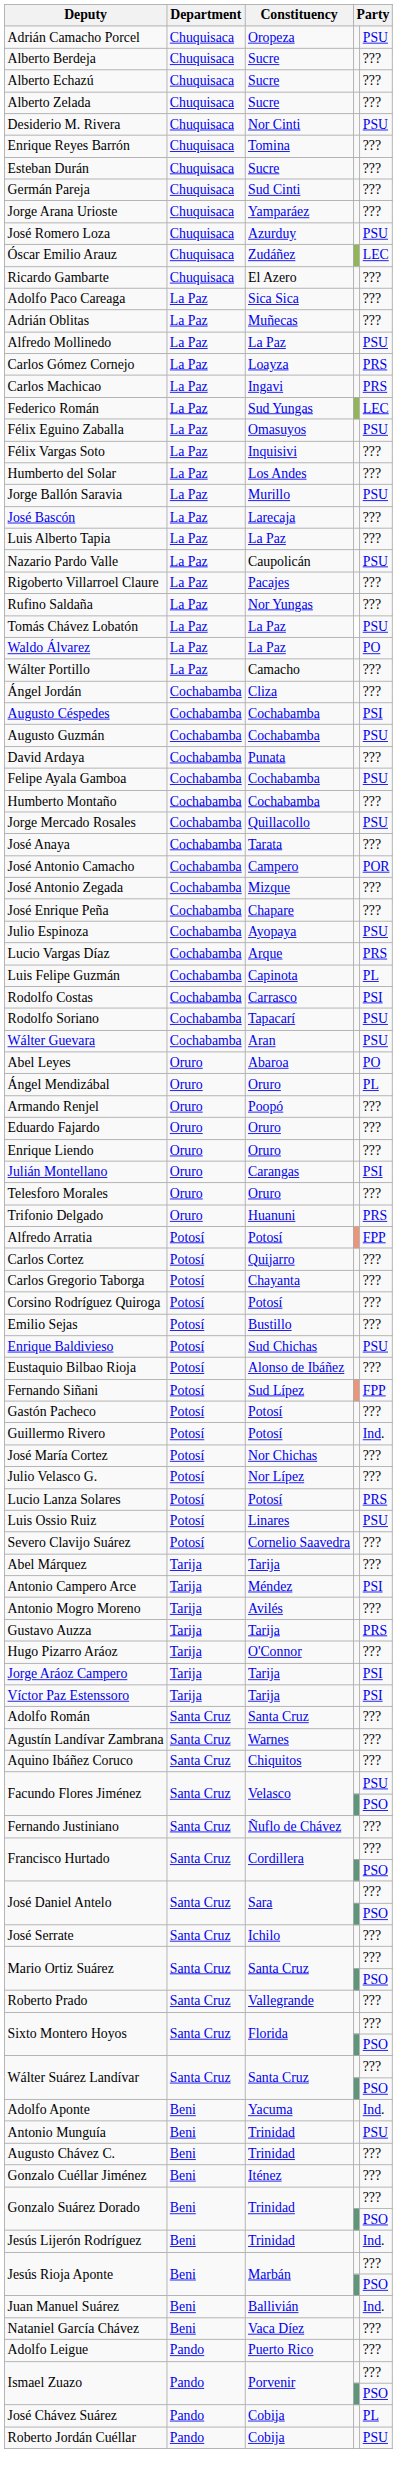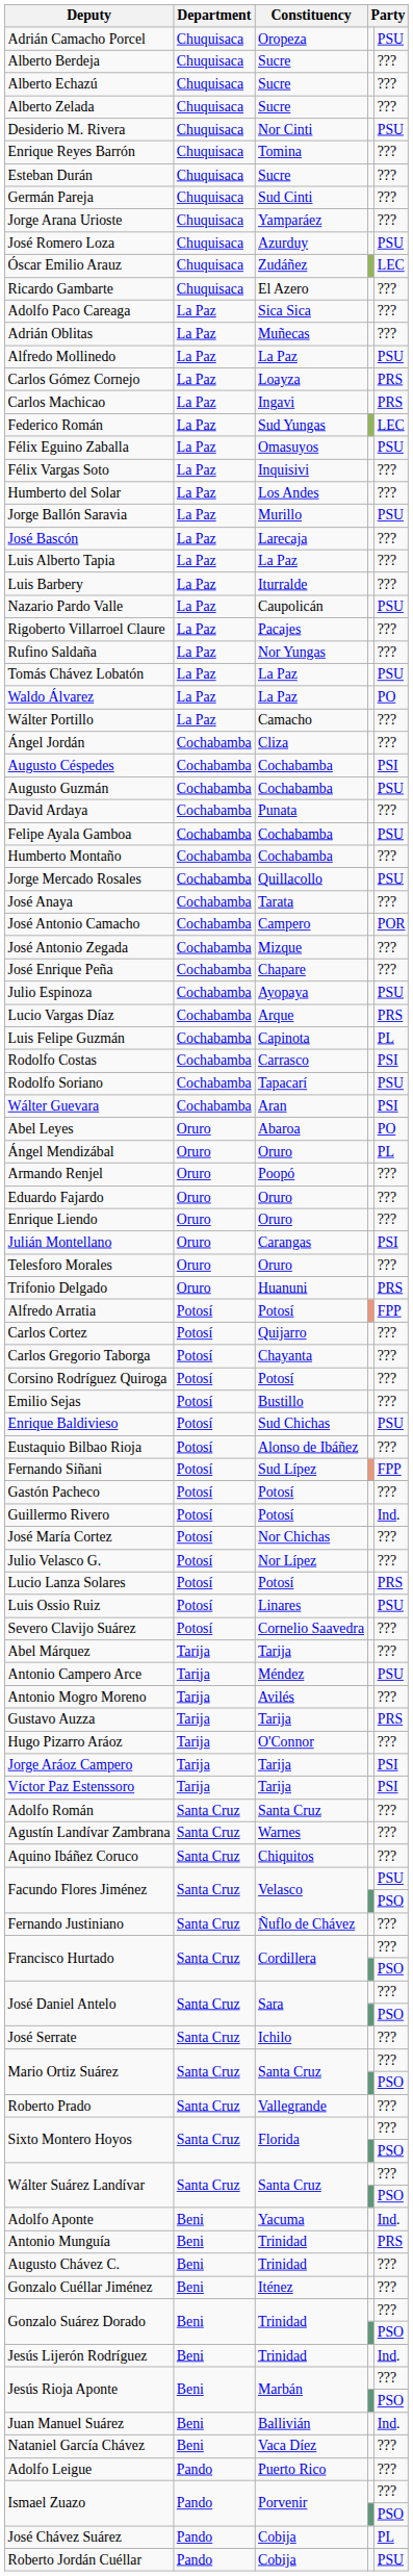 <table class="wikitable sortable">
 <tr>
 <th>Deputy</th>
 <th>Department</th>
 <th>Constituency</th>
 <th colspan="2">Party</th>
 </tr>
 <tr>
 <td>Adrián Camacho Porcel</td>
 <td><a href='#'>Chuquisaca</a></td>
 <td><a href='#'>Oropeza</a></td>
 <td style="background:"></td>
 <td><a href='#'>PSU</a></td>
 </tr>
 <tr>
 <td>Alberto Berdeja</td>
 <td><a href='#'>Chuquisaca</a></td>
 <td><a href='#'>Sucre</a></td>
 <td style="background:"></td>
 <td>???</td>
 </tr>
 <tr>
 <td>Alberto Echazú</td>
 <td><a href='#'>Chuquisaca</a></td>
 <td><a href='#'>Sucre</a></td>
 <td style="background:"></td>
 <td>???</td>
 </tr>
 <tr>
 <td>Alberto Zelada</td>
 <td><a href='#'>Chuquisaca</a></td>
 <td><a href='#'>Sucre</a></td>
 <td style="background:"></td>
 <td>???</td>
 </tr>
 <tr>
 <td>Desiderio M. Rivera</td>
 <td><a href='#'>Chuquisaca</a></td>
 <td><a href='#'>Nor Cinti</a></td>
 <td style="background:"></td>
 <td><a href='#'>PSU</a></td>
 </tr>
 <tr>
 <td>Enrique Reyes Barrón</td>
 <td><a href='#'>Chuquisaca</a></td>
 <td><a href='#'>Tomina</a></td>
 <td style="background:"></td>
 <td>???</td>
 </tr>
 <tr>
 <td>Esteban Durán</td>
 <td><a href='#'>Chuquisaca</a></td>
 <td><a href='#'>Sucre</a></td>
 <td style="background:"></td>
 <td>???</td>
 </tr>
 <tr>
 <td>Germán Pareja</td>
 <td><a href='#'>Chuquisaca</a></td>
 <td><a href='#'>Sud Cinti</a></td>
 <td style="background:"></td>
 <td>???</td>
 </tr>
 <tr>
 <td>Jorge Arana Urioste</td>
 <td><a href='#'>Chuquisaca</a></td>
 <td><a href='#'>Yamparáez</a></td>
 <td style="background:"></td>
 <td>???</td>
 </tr>
 <tr>
 <td>José Romero Loza</td>
 <td><a href='#'>Chuquisaca</a></td>
 <td><a href='#'>Azurduy</a></td>
 <td style="background:"></td>
 <td><a href='#'>PSU</a></td>
 </tr>
 <tr>
 <td>Óscar Emilio Arauz</td>
 <td><a href='#'>Chuquisaca</a></td>
 <td><a href='#'>Zudáñez</a></td>
 <td style="background:#92B558"></td>
 <td><a href='#'>LEC</a></td>
 </tr>
 <tr>
 <td>Ricardo Gambarte</td>
 <td><a href='#'>Chuquisaca</a></td>
 <td>El Azero</td>
 <td style="background:"></td>
 <td>???</td>
 </tr>
 <tr>
 <td>Adolfo Paco Careaga</td>
 <td><a href='#'>La Paz</a></td>
 <td><a href='#'>Sica Sica</a></td>
 <td style="background:"></td>
 <td>???</td>
 </tr>
 <tr>
 <td>Adrián Oblitas</td>
 <td><a href='#'>La Paz</a></td>
 <td><a href='#'>Muñecas</a></td>
 <td style="background:"></td>
 <td>???</td>
 </tr>
 <tr>
 <td>Alfredo Mollinedo</td>
 <td><a href='#'>La Paz</a></td>
 <td><a href='#'>La Paz</a></td>
 <td style="background:"></td>
 <td><a href='#'>PSU</a></td>
 </tr>
 <tr>
 <td>Carlos Gómez Cornejo</td>
 <td><a href='#'>La Paz</a></td>
 <td><a href='#'>Loayza</a></td>
 <td style="background:"></td>
 <td><a href='#'>PRS</a></td>
 </tr>
 <tr>
 <td>Carlos Machicao</td>
 <td><a href='#'>La Paz</a></td>
 <td><a href='#'>Ingavi</a></td>
 <td style="background:"></td>
 <td><a href='#'>PRS</a></td>
 </tr>
 <tr>
 <td>Federico Román</td>
 <td><a href='#'>La Paz</a></td>
 <td><a href='#'>Sud Yungas</a></td>
 <td style="background:#92B558"></td>
 <td><a href='#'>LEC</a></td>
 </tr>
 <tr>
 <td>Félix Eguino Zaballa</td>
 <td><a href='#'>La Paz</a></td>
 <td><a href='#'>Omasuyos</a></td>
 <td style="background:"></td>
 <td><a href='#'>PSU</a></td>
 </tr>
 <tr>
 <td>Félix Vargas Soto</td>
 <td><a href='#'>La Paz</a></td>
 <td><a href='#'>Inquisivi</a></td>
 <td style="background:"></td>
 <td>???</td>
 </tr>
 <tr>
 <td>Humberto del Solar</td>
 <td><a href='#'>La Paz</a></td>
 <td><a href='#'>Los Andes</a></td>
 <td style="background:"></td>
 <td>???</td>
 </tr>
 <tr>
 <td>Jorge Ballón Saravia</td>
 <td><a href='#'>La Paz</a></td>
 <td><a href='#'>Murillo</a></td>
 <td style="background:"></td>
 <td><a href='#'>PSU</a></td>
 </tr>
 <tr>
 <td><a href='#'>José Bascón</a></td>
 <td><a href='#'>La Paz</a></td>
 <td><a href='#'>Larecaja</a></td>
 <td style="background:"></td>
 <td>???</td>
 </tr>
 <tr>
 <td>Luis Alberto Tapia</td>
 <td><a href='#'>La Paz</a></td>
 <td><a href='#'>La Paz</a></td>
 <td style="background:"></td>
 <td>???</td>
 </tr>
 <tr>
+<td>Luis Barbery</td>
+<td><a href='#'>La Paz</a></td>
+<td><a href='#'>Iturralde</a></td>
+<td style="background:"></td>
+<td>???</td>
+</tr>
+<tr>
 <td>Nazario Pardo Valle</td>
 <td><a href='#'>La Paz</a></td>
 <td>Caupolicán</td>
 <td style="background:"></td>
 <td><a href='#'>PSU</a></td>
 </tr>
 <tr>
 <td>Rigoberto Villarroel Claure</td>
 <td><a href='#'>La Paz</a></td>
 <td><a href='#'>Pacajes</a></td>
 <td style="background:"></td>
 <td>???</td>
 </tr>
 <tr>
 <td>Rufino Saldaña</td>
 <td><a href='#'>La Paz</a></td>
 <td><a href='#'>Nor Yungas</a></td>
 <td style="background:"></td>
 <td>???</td>
 </tr>
 <tr>
 <td>Tomás Chávez Lobatón</td>
 <td><a href='#'>La Paz</a></td>
 <td><a href='#'>La Paz</a></td>
 <td style="background:white"></td>
 <td><a href='#'>PSU</a></td>
 </tr>
 <tr>
 <td><a href='#'>Waldo Álvarez</a></td>
 <td><a href='#'>La Paz</a></td>
 <td><a href='#'>La Paz</a></td>
 <td style="background:"></td>
 <td><a href='#'>PO</a></td>
 </tr>
 <tr>
 <td>Wálter Portillo</td>
 <td><a href='#'>La Paz</a></td>
 <td>Camacho</td>
 <td style="background:"></td>
 <td>???</td>
 </tr>
 <tr>
 <td>Ángel Jordán</td>
 <td><a href='#'>Cochabamba</a></td>
 <td><a href='#'>Cliza</a></td>
 <td style="background:"></td>
 <td>???</td>
 </tr>
 <tr>
 <td><a href='#'>Augusto Céspedes</a></td>
 <td><a href='#'>Cochabamba</a></td>
 <td><a href='#'>Cochabamba</a></td>
 <td style="background:"></td>
 <td><a href='#'>PSI</a></td>
 </tr>
 <tr>
 <td>Augusto Guzmán</td>
 <td><a href='#'>Cochabamba</a></td>
 <td><a href='#'>Cochabamba</a></td>
 <td style="background:"></td>
 <td><a href='#'>PSU</a></td>
 </tr>
 <tr>
 <td>David Ardaya</td>
 <td><a href='#'>Cochabamba</a></td>
 <td><a href='#'>Punata</a></td>
 <td style="background:"></td>
 <td>???</td>
 </tr>
 <tr>
 <td>Felipe Ayala Gamboa</td>
 <td><a href='#'>Cochabamba</a></td>
 <td><a href='#'>Cochabamba</a></td>
 <td style="background:"></td>
 <td><a href='#'>PSU</a></td>
 </tr>
 <tr>
 <td>Humberto Montaño</td>
 <td><a href='#'>Cochabamba</a></td>
 <td><a href='#'>Cochabamba</a></td>
 <td style="background:"></td>
 <td>???</td>
 </tr>
 <tr>
 <td>Jorge Mercado Rosales</td>
 <td><a href='#'>Cochabamba</a></td>
 <td><a href='#'>Quillacollo</a></td>
 <td style="background:"></td>
 <td><a href='#'>PSU</a></td>
 </tr>
 <tr>
 <td>José Anaya</td>
 <td><a href='#'>Cochabamba</a></td>
 <td><a href='#'>Tarata</a></td>
 <td style="background:"></td>
 <td>???</td>
 </tr>
 <tr>
 <td>José Antonio Camacho</td>
 <td><a href='#'>Cochabamba</a></td>
 <td><a href='#'>Campero</a></td>
 <td style="background:"></td>
 <td><a href='#'>POR</a></td>
 </tr>
 <tr>
 <td>José Antonio Zegada</td>
 <td><a href='#'>Cochabamba</a></td>
 <td><a href='#'>Mizque</a></td>
 <td style="background:"></td>
 <td>???</td>
 </tr>
 <tr>
 <td>José Enrique Peña</td>
 <td><a href='#'>Cochabamba</a></td>
 <td><a href='#'>Chapare</a></td>
 <td style="background:"></td>
 <td>???</td>
 </tr>
 <tr>
 <td>Julio Espinoza</td>
 <td><a href='#'>Cochabamba</a></td>
 <td><a href='#'>Ayopaya</a></td>
 <td style="background:"></td>
 <td><a href='#'>PSU</a></td>
 </tr>
 <tr>
 <td>Lucio Vargas Díaz</td>
 <td><a href='#'>Cochabamba</a></td>
 <td><a href='#'>Arque</a></td>
 <td style="background:"></td>
 <td><a href='#'>PRS</a></td>
 </tr>
 <tr>
 <td>Luis Felipe Guzmán</td>
 <td><a href='#'>Cochabamba</a></td>
 <td><a href='#'>Capinota</a></td>
 <td style="background:"></td>
 <td><a href='#'>PL</a></td>
 </tr>
 <tr>
 <td>Rodolfo Costas</td>
 <td><a href='#'>Cochabamba</a></td>
 <td><a href='#'>Carrasco</a></td>
 <td style="background:"></td>
 <td><a href='#'>PSI</a></td>
 </tr>
 <tr>
 <td>Rodolfo Soriano</td>
 <td><a href='#'>Cochabamba</a></td>
 <td><a href='#'>Tapacarí</a></td>
 <td style="background:"></td>
 <td><a href='#'>PSU</a></td>
 </tr>
 <tr>
 <td><a href='#'>Wálter Guevara</a></td>
 <td><a href='#'>Cochabamba</a></td>
 <td><a href='#'>Aran</a></td>
 <td style="background:"></td>
-<td><a href='#'>PSU</a></td>
+<td><a href='#'>PSI</a></td>
 </tr>
 <tr>
 <td>Abel Leyes</td>
 <td><a href='#'>Oruro</a></td>
 <td><a href='#'>Abaroa</a></td>
 <td style="background:"></td>
 <td><a href='#'>PO</a></td>
 </tr>
 <tr>
 <td>Ángel Mendizábal</td>
 <td><a href='#'>Oruro</a></td>
 <td><a href='#'>Oruro</a></td>
 <td style="background:"></td>
 <td><a href='#'>PL</a></td>
 </tr>
 <tr>
 <td>Armando Renjel</td>
 <td><a href='#'>Oruro</a></td>
 <td><a href='#'>Poopó</a></td>
 <td style="background:"></td>
 <td>???</td>
 </tr>
 <tr>
 <td>Eduardo Fajardo</td>
 <td><a href='#'>Oruro</a></td>
 <td><a href='#'>Oruro</a></td>
 <td style="background:"></td>
 <td>???</td>
 </tr>
 <tr>
 <td>Enrique Liendo</td>
 <td><a href='#'>Oruro</a></td>
 <td><a href='#'>Oruro</a></td>
 <td style="background:"></td>
 <td>???</td>
 </tr>
 <tr>
 <td><a href='#'>Julián Montellano</a></td>
 <td><a href='#'>Oruro</a></td>
 <td><a href='#'>Carangas</a></td>
 <td style="background:"></td>
 <td><a href='#'>PSI</a></td>
 </tr>
 <tr>
 <td>Telesforo Morales</td>
 <td><a href='#'>Oruro</a></td>
 <td><a href='#'>Oruro</a></td>
 <td style="background:"></td>
 <td>???</td>
 </tr>
 <tr>
 <td>Trifonio Delgado</td>
 <td><a href='#'>Oruro</a></td>
 <td><a href='#'>Huanuni</a></td>
 <td style="background:"></td>
 <td><a href='#'>PRS</a></td>
 </tr>
 <tr>
 <td>Alfredo Arratia</td>
 <td><a href='#'>Potosí</a></td>
 <td><a href='#'>Potosí</a></td>
 <td style="background:darksalmon"></td>
 <td><a href='#'>FPP</a></td>
 </tr>
 <tr>
 <td>Carlos Cortez</td>
 <td><a href='#'>Potosí</a></td>
 <td><a href='#'>Quijarro</a></td>
 <td style="background:"></td>
 <td>???</td>
 </tr>
 <tr>
 <td>Carlos Gregorio Taborga</td>
 <td><a href='#'>Potosí</a></td>
 <td><a href='#'>Chayanta</a></td>
 <td style="background:"></td>
 <td>???</td>
 </tr>
 <tr>
 <td>Corsino Rodríguez Quiroga</td>
 <td><a href='#'>Potosí</a></td>
 <td><a href='#'>Potosí</a></td>
 <td style="background:"></td>
 <td>???</td>
 </tr>
 <tr>
 <td>Emilio Sejas</td>
 <td><a href='#'>Potosí</a></td>
 <td><a href='#'>Bustillo</a></td>
 <td style="background:"></td>
 <td>???</td>
 </tr>
 <tr>
 <td><a href='#'>Enrique Baldivieso</a></td>
 <td><a href='#'>Potosí</a></td>
 <td><a href='#'>Sud Chichas</a></td>
 <td style="background:"></td>
 <td><a href='#'>PSU</a></td>
 </tr>
 <tr>
 <td>Eustaquio Bilbao Rioja</td>
 <td><a href='#'>Potosí</a></td>
 <td><a href='#'>Alonso de Ibáñez</a></td>
 <td style="background:"></td>
 <td>???</td>
 </tr>
 <tr>
 <td>Fernando Siñani</td>
 <td><a href='#'>Potosí</a></td>
 <td><a href='#'>Sud Lípez</a></td>
 <td style="background:darksalmon"></td>
 <td><a href='#'>FPP</a></td>
 </tr>
 <tr>
 <td>Gastón Pacheco</td>
 <td><a href='#'>Potosí</a></td>
 <td><a href='#'>Potosí</a></td>
 <td style="background:"></td>
 <td>???</td>
 </tr>
 <tr>
 <td>Guillermo Rivero</td>
 <td><a href='#'>Potosí</a></td>
 <td><a href='#'>Potosí</a></td>
 <td style="background:"></td>
 <td><a href='#'>Ind</a>.</td>
 </tr>
 <tr>
 <td>José María Cortez</td>
 <td><a href='#'>Potosí</a></td>
 <td><a href='#'>Nor Chichas</a></td>
 <td style="background:"></td>
 <td>???</td>
 </tr>
 <tr>
 <td>Julio Velasco G.</td>
 <td><a href='#'>Potosí</a></td>
 <td><a href='#'>Nor Lípez</a></td>
 <td style="background:"></td>
 <td>???</td>
 </tr>
 <tr>
 <td>Lucio Lanza Solares</td>
 <td><a href='#'>Potosí</a></td>
 <td><a href='#'>Potosí</a></td>
 <td style="background:"></td>
 <td><a href='#'>PRS</a></td>
 </tr>
 <tr>
 <td>Luis Ossio Ruiz</td>
 <td><a href='#'>Potosí</a></td>
 <td><a href='#'>Linares</a></td>
 <td style="background:"></td>
 <td><a href='#'>PSU</a></td>
 </tr>
 <tr>
 <td>Severo Clavijo Suárez</td>
 <td><a href='#'>Potosí</a></td>
 <td><a href='#'>Cornelio Saavedra</a></td>
 <td style="background:"></td>
 <td>???</td>
 </tr>
 <tr>
 <td>Abel Márquez</td>
 <td><a href='#'>Tarija</a></td>
 <td><a href='#'>Tarija</a></td>
 <td style="background:"></td>
 <td>???</td>
 </tr>
 <tr>
 <td>Antonio Campero Arce</td>
 <td><a href='#'>Tarija</a></td>
 <td><a href='#'>Méndez</a></td>
 <td style="background:"></td>
-<td><a href='#'>PSI</a></td>
+<td><a href='#'>PSU</a></td>
 </tr>
 <tr>
 <td>Antonio Mogro Moreno</td>
 <td><a href='#'>Tarija</a></td>
 <td><a href='#'>Avilés</a></td>
 <td style="background:"></td>
 <td>???</td>
 </tr>
 <tr>
 <td>Gustavo Auzza</td>
 <td><a href='#'>Tarija</a></td>
 <td><a href='#'>Tarija</a></td>
 <td style="background:"></td>
 <td><a href='#'>PRS</a></td>
 </tr>
 <tr>
 <td>Hugo Pizarro Aráoz</td>
 <td><a href='#'>Tarija</a></td>
 <td><a href='#'>O'Connor</a></td>
 <td style="background:"></td>
 <td>???</td>
 </tr>
 <tr>
 <td><a href='#'>Jorge Aráoz Campero</a></td>
 <td><a href='#'>Tarija</a></td>
 <td><a href='#'>Tarija</a></td>
 <td style="background:"></td>
 <td><a href='#'>PSI</a></td>
 </tr>
 <tr>
 <td><a href='#'>Víctor Paz Estenssoro</a></td>
 <td><a href='#'>Tarija</a></td>
 <td><a href='#'>Tarija</a></td>
 <td style="background:"></td>
 <td><a href='#'>PSI</a></td>
 </tr>
 <tr>
 <td>Adolfo Román</td>
 <td><a href='#'>Santa Cruz</a></td>
 <td><a href='#'>Santa Cruz</a></td>
 <td style="background:"></td>
 <td>???</td>
 </tr>
 <tr>
 <td>Agustín Landívar Zambrana</td>
 <td><a href='#'>Santa Cruz</a></td>
 <td><a href='#'>Warnes</a></td>
 <td style="background:"></td>
 <td>???</td>
 </tr>
 <tr>
 <td>Aquino Ibáñez Coruco</td>
 <td><a href='#'>Santa Cruz</a></td>
 <td><a href='#'>Chiquitos</a></td>
 <td style="background:"></td>
 <td>???</td>
 </tr>
 <tr>
 <td rowspan="2">Facundo Flores Jiménez</td>
 <td rowspan="2"><a href='#'>Santa Cruz</a></td>
 <td rowspan="2"><a href='#'>Velasco</a></td>
 <td style="background:"></td>
 <td><a href='#'>PSU</a></td>
 </tr>
 <tr>
 <td style="background:#5D9678"></td>
 <td><a href='#'>PSO</a></td>
 </tr>
 <tr>
 <td>Fernando Justiniano</td>
 <td><a href='#'>Santa Cruz</a></td>
 <td><a href='#'>Ñuflo de Chávez</a></td>
 <td style="background:"></td>
 <td>???</td>
 </tr>
 <tr>
 <td rowspan="2">Francisco Hurtado</td>
 <td rowspan="2"><a href='#'>Santa Cruz</a></td>
 <td rowspan="2"><a href='#'>Cordillera</a></td>
 <td style="background:"></td>
 <td>???</td>
 </tr>
 <tr>
 <td style="background:#5D9678"></td>
 <td><a href='#'>PSO</a></td>
 </tr>
 <tr>
 <td rowspan="2">José Daniel Antelo</td>
 <td rowspan="2"><a href='#'>Santa Cruz</a></td>
 <td rowspan="2"><a href='#'>Sara</a></td>
 <td style="background:"></td>
 <td>???</td>
 </tr>
 <tr>
 <td style="background:#5D9678"></td>
 <td><a href='#'>PSO</a></td>
 </tr>
 <tr>
 <td>José Serrate</td>
 <td><a href='#'>Santa Cruz</a></td>
 <td><a href='#'>Ichilo</a></td>
 <td style="background:"></td>
 <td>???</td>
 </tr>
 <tr>
 <td rowspan="2">Mario Ortiz Suárez</td>
 <td rowspan="2"><a href='#'>Santa Cruz</a></td>
 <td rowspan="2"><a href='#'>Santa Cruz</a></td>
 <td style="background:"></td>
 <td>???</td>
 </tr>
 <tr>
 <td style="background:#5D9678"></td>
 <td><a href='#'>PSO</a></td>
 </tr>
 <tr>
 <td>Roberto Prado</td>
 <td><a href='#'>Santa Cruz</a></td>
 <td><a href='#'>Vallegrande</a></td>
 <td style="background:"></td>
 <td>???</td>
 </tr>
 <tr>
 <td rowspan="2">Sixto Montero Hoyos</td>
 <td rowspan="2"><a href='#'>Santa Cruz</a></td>
 <td rowspan="2"><a href='#'>Florida</a></td>
 <td style="background:"></td>
 <td>???</td>
 </tr>
 <tr>
 <td style="background:#5D9678"></td>
 <td><a href='#'>PSO</a></td>
 </tr>
 <tr>
 <td rowspan="2">Wálter Suárez Landívar</td>
 <td rowspan="2"><a href='#'>Santa Cruz</a></td>
 <td rowspan="2"><a href='#'>Santa Cruz</a></td>
 <td style="background:"></td>
 <td>???</td>
 </tr>
 <tr>
 <td style="background:#5D9678"></td>
 <td><a href='#'>PSO</a></td>
 </tr>
 <tr>
 <td>Adolfo Aponte</td>
 <td><a href='#'>Beni</a></td>
 <td><a href='#'>Yacuma</a></td>
 <td style="background:"></td>
 <td><a href='#'>Ind</a>.</td>
 </tr>
 <tr>
 <td>Antonio Munguía</td>
 <td><a href='#'>Beni</a></td>
 <td><a href='#'>Trinidad</a></td>
 <td style="background:"></td>
-<td><a href='#'>PSU</a></td>
+<td><a href='#'>PRS</a></td>
 </tr>
 <tr>
 <td>Augusto Chávez C.</td>
 <td><a href='#'>Beni</a></td>
 <td><a href='#'>Trinidad</a></td>
 <td style="background:"></td>
 <td>???</td>
 </tr>
 <tr>
 <td>Gonzalo Cuéllar Jiménez</td>
 <td><a href='#'>Beni</a></td>
 <td><a href='#'>Iténez</a></td>
 <td style="background:"></td>
 <td>???</td>
 </tr>
 <tr>
 <td rowspan="2">Gonzalo Suárez Dorado</td>
 <td rowspan="2"><a href='#'>Beni</a></td>
 <td rowspan="2"><a href='#'>Trinidad</a></td>
 <td style="background:"></td>
 <td>???</td>
 </tr>
 <tr>
 <td style="background:#5D9678"></td>
 <td><a href='#'>PSO</a></td>
 </tr>
 <tr>
 <td>Jesús Lijerón Rodríguez</td>
 <td><a href='#'>Beni</a></td>
 <td><a href='#'>Trinidad</a></td>
 <td style="background:"></td>
 <td><a href='#'>Ind</a>.</td>
 </tr>
 <tr>
 <td rowspan="2">Jesús Rioja Aponte</td>
 <td rowspan="2"><a href='#'>Beni</a></td>
 <td rowspan="2"><a href='#'>Marbán</a></td>
 <td style="background:"></td>
 <td>???</td>
 </tr>
 <tr>
 <td style="background:#5D9678"></td>
 <td><a href='#'>PSO</a></td>
 </tr>
 <tr>
 <td>Juan Manuel Suárez</td>
 <td><a href='#'>Beni</a></td>
 <td><a href='#'>Ballivián</a></td>
 <td style="background:"></td>
 <td><a href='#'>Ind</a>.</td>
 </tr>
 <tr>
 <td>Nataniel García Chávez</td>
 <td><a href='#'>Beni</a></td>
 <td><a href='#'>Vaca Díez</a></td>
 <td style="background:"></td>
 <td>???</td>
 </tr>
 <tr>
 <td>Adolfo Leigue</td>
 <td><a href='#'>Pando</a></td>
 <td><a href='#'>Puerto Rico</a></td>
 <td style="background:"></td>
 <td>???</td>
 </tr>
 <tr>
 <td rowspan="2">Ismael Zuazo</td>
 <td rowspan="2"><a href='#'>Pando</a></td>
 <td rowspan="2"><a href='#'>Porvenir</a></td>
 <td style="background:"></td>
 <td>???</td>
 </tr>
 <tr>
 <td style="background:#5D9678"></td>
 <td><a href='#'>PSO</a></td>
 </tr>
 <tr>
 <td>José Chávez Suárez</td>
 <td><a href='#'>Pando</a></td>
 <td><a href='#'>Cobija</a></td>
 <td style="background:"></td>
 <td><a href='#'>PL</a></td>
 </tr>
 <tr>
 <td>Roberto Jordán Cuéllar</td>
 <td><a href='#'>Pando</a></td>
 <td><a href='#'>Cobija</a></td>
 <td style="background:"></td>
 <td><a href='#'>PSU</a></td>
 </tr>
 </table>
